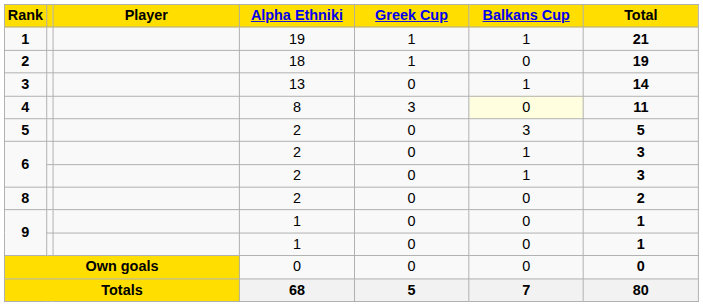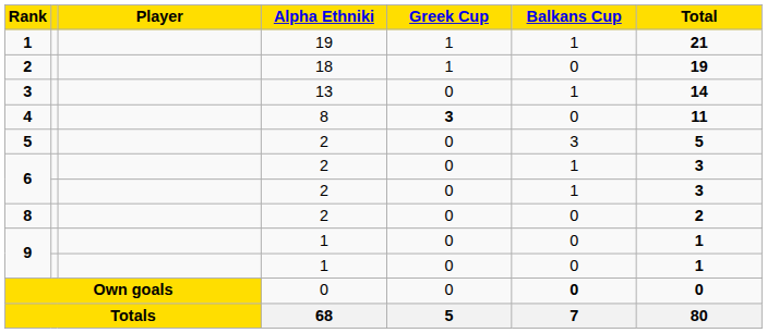 <table class="wikitable sortable" style="text-align: center">
 <tr>
 <th style="background:#FFDE00">Rank</th>
 <th style="background:#FFDE00"></th>
 <th width=200 style="background:#FFDE00">Player</th>
 <th width=120 style="background:#FFDE00"><a href='#'>Alpha Ethniki</a></th>
 <th width=120 style="background:#FFDE00"><a href='#'>Greek Cup</a></th>
 <th width=120 style="background:#FFDE00"><a href='#'>Balkans Cup</a></th>
 <th width=120 style="background:#FFDE00">Total</th>
 </tr>
 <tr>
 <td><strong>1</strong></td>
 <td></td>
 <td align=left></td>
 <td>19</td>
 <td>1</td>
 <td>1</td>
 <td><strong>21</strong></td>
 </tr>
 <tr>
 <td><strong>2</strong></td>
 <td></td>
 <td align=left></td>
 <td>18</td>
 <td>1</td>
 <td>0</td>
 <td><strong>19</strong></td>
 </tr>
 <tr>
 <td><strong>3</strong></td>
 <td></td>
 <td align=left></td>
 <td>13</td>
 <td>0</td>
 <td>1</td>
 <td><strong>14</strong></td>
 </tr>
 <tr>
 <td><strong>4</strong></td>
 <td></td>
 <td align=left></td>
 <td>8</td>
-<td>3</td>
-<td style="background: lightyellow;">0</td>
+<td><strong>3</strong></td>
+<td>0</td>
 <td><strong>11</strong></td>
 </tr>
 <tr>
 <td><strong>5</strong></td>
 <td></td>
 <td align=left></td>
 <td>2</td>
 <td>0</td>
 <td>3</td>
 <td><strong>5</strong></td>
 </tr>
 <tr>
 <td rowspan=2><strong>6</strong></td>
 <td></td>
 <td align=left></td>
 <td>2</td>
 <td>0</td>
 <td>1</td>
 <td><strong>3</strong></td>
 </tr>
 <tr>
 <td></td>
 <td align=left></td>
 <td>2</td>
 <td>0</td>
 <td>1</td>
 <td><strong>3</strong></td>
 </tr>
 <tr>
 <td><strong>8</strong></td>
 <td></td>
 <td align=left></td>
 <td>2</td>
 <td>0</td>
 <td>0</td>
 <td><strong>2</strong></td>
 </tr>
 <tr>
 <td rowspan=2><strong>9</strong></td>
 <td></td>
 <td align=left></td>
 <td>1</td>
 <td>0</td>
 <td>0</td>
 <td><strong>1</strong></td>
 </tr>
 <tr>
 <td></td>
 <td align=left></td>
 <td>1</td>
 <td>0</td>
 <td>0</td>
 <td><strong>1</strong></td>
 </tr>
 <tr class="sortbottom">
 <td colspan=3 style="background:#FFDE00"><strong>Own goals</strong></td>
 <td>0</td>
 <td>0</td>
-<td>0</td>
+<td><strong>0</strong></td>
 <td><strong>0</strong></td>
 </tr>
 <tr class="sortbottom">
 <th colspan=3 style="background:#FFDE00"><strong>Totals</strong></th>
 <th><strong>68</strong></th>
 <th><strong> 5</strong></th>
 <th><strong> 7</strong></th>
 <th><strong>80</strong></th>
 </tr>
 </table>
